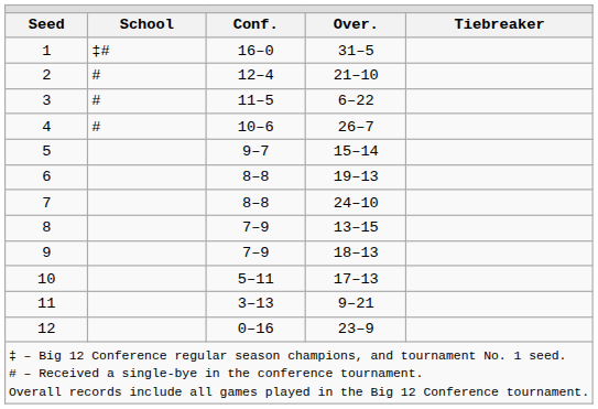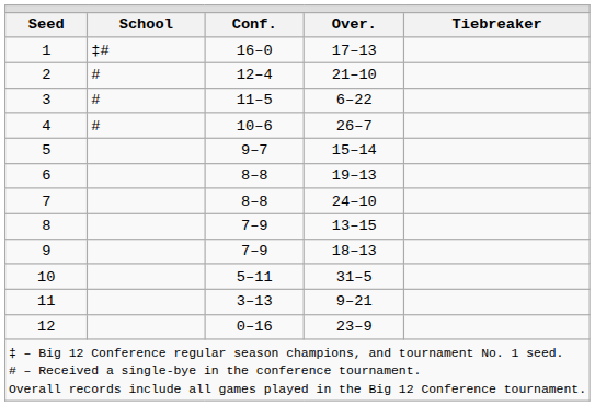 <table class="wikitable" style="white-space:nowrap; font-size:90%;text-align:center">
 <tr>
 <td colspan="10" style="text-align:center; background:#DDDDDD; font:#000000"><strong></strong></td>
 </tr>
 <tr bgcolor="#efefef">
 <th>Seed</th>
 <th>School</th>
 <th>Conf.</th>
 <th>Over.</th>
 <th>Tiebreaker</th>
 </tr>
 <tr>
 <td>1</td>
 <td align=left> ‡#</td>
 <td>16–0</td>
-<td>31–5</td>
+<td>17–13</td>
 <td></td>
 </tr>
 <tr>
 <td>2</td>
 <td align=left> #</td>
 <td>12–4</td>
 <td>21–10</td>
 <td></td>
 </tr>
 <tr>
 <td>3</td>
 <td align=left> #</td>
 <td>11–5</td>
 <td>6–22</td>
 <td></td>
 </tr>
 <tr>
 <td>4</td>
 <td align=left> #</td>
 <td>10–6</td>
 <td>26–7</td>
 <td></td>
 </tr>
 <tr>
 <td>5</td>
 <td align=left></td>
 <td>9–7</td>
 <td>15–14</td>
 <td></td>
 </tr>
 <tr>
 <td>6</td>
 <td align=left></td>
 <td>8–8</td>
 <td>19–13</td>
 <td></td>
 </tr>
 <tr>
 <td>7</td>
 <td align=left></td>
 <td>8–8</td>
 <td>24–10</td>
 <td></td>
 </tr>
 <tr>
 <td>8</td>
 <td align=left></td>
 <td>7–9</td>
 <td>13–15</td>
 <td></td>
 </tr>
 <tr>
 <td>9</td>
 <td align=left></td>
 <td>7–9</td>
 <td>18–13</td>
 <td></td>
 </tr>
 <tr>
 <td>10</td>
 <td align=left></td>
 <td>5–11</td>
-<td>17–13</td>
+<td>31–5</td>
 <td></td>
 </tr>
 <tr>
 <td>11</td>
 <td align=left></td>
 <td>3–13</td>
 <td>9–21</td>
 <td></td>
 </tr>
 <tr>
 <td>12</td>
 <td align=left></td>
 <td>0–16</td>
 <td>23–9</td>
 <td></td>
 </tr>
 <tr>
 <td colspan="10" style="text-align:left;"><small>‡ – Big 12 Conference regular season champions, and tournament No. 1 seed.<br># – Received a single-bye in the conference tournament.<br>Overall records include all games played in the Big 12 Conference tournament.</small></td>
 </tr>
 </table>
